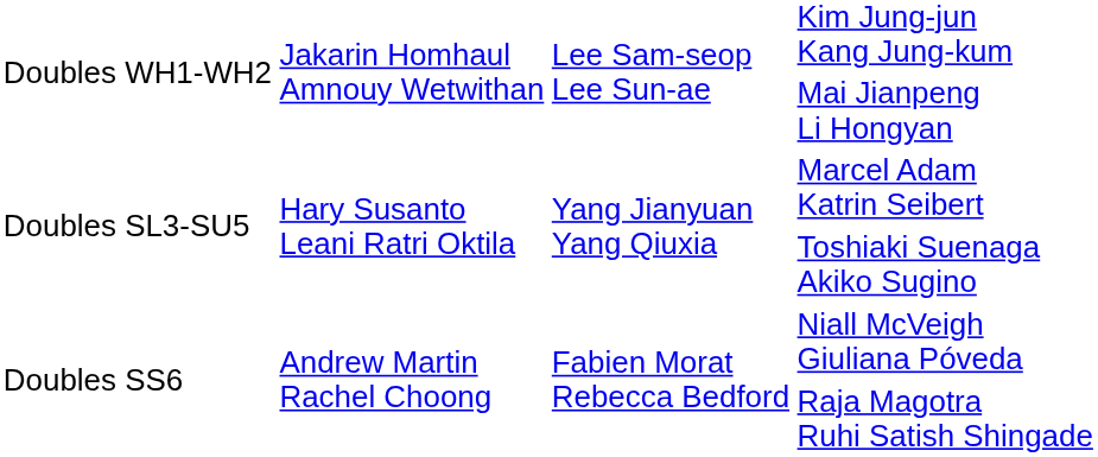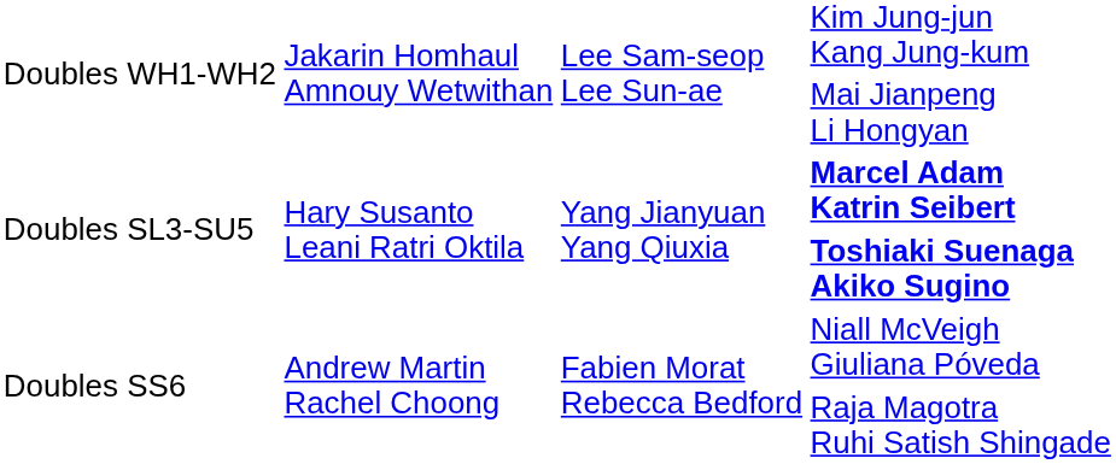 <table>
 <tr>
 <td rowspan=2>Doubles WH1-WH2</td>
 <td rowspan=2> <a href='#'>Jakarin Homhaul</a><br> <a href='#'>Amnouy Wetwithan</a></td>
 <td rowspan=2> <a href='#'>Lee Sam-seop</a><br> <a href='#'>Lee Sun-ae</a></td>
 <td> <a href='#'>Kim Jung-jun</a><br> <a href='#'>Kang Jung-kum</a></td>
 </tr>
 <tr>
 <td> <a href='#'>Mai Jianpeng</a><br> <a href='#'>Li Hongyan</a></td>
 </tr>
 <tr>
 <td rowspan=2>Doubles SL3-SU5</td>
 <td rowspan=2> <a href='#'>Hary Susanto</a><br> <a href='#'>Leani Ratri Oktila</a></td>
 <td rowspan=2> <a href='#'>Yang Jianyuan</a><br> <a href='#'>Yang Qiuxia</a></td>
-<td> <a href='#'>Marcel Adam</a><br> <a href='#'>Katrin Seibert</a></td>
+<td><strong> <a href='#'>Marcel Adam</a><br> <a href='#'>Katrin Seibert</a></strong></td>
 </tr>
 <tr>
-<td> <a href='#'>Toshiaki Suenaga</a><br> <a href='#'>Akiko Sugino</a></td>
+<td><strong> <a href='#'>Toshiaki Suenaga</a><br> <a href='#'>Akiko Sugino</a></strong></td>
 </tr>
 <tr>
 <td rowspan=2>Doubles SS6</td>
 <td rowspan=2> <a href='#'>Andrew Martin</a><br> <a href='#'>Rachel Choong</a></td>
 <td rowspan=2> <a href='#'>Fabien Morat</a><br> <a href='#'>Rebecca Bedford</a></td>
 <td> <a href='#'>Niall McVeigh</a><br> <a href='#'>Giuliana Póveda</a></td>
 </tr>
 <tr>
 <td> <a href='#'>Raja Magotra</a><br> <a href='#'>Ruhi Satish Shingade</a></td>
 </tr>
 </table>
